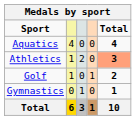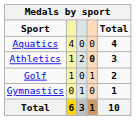 <table class="wikitable" style="font-size:85%; text-align:center;">
 <tr style="background:#efefef;">
 <th colspan=5><strong>Medals by sport</strong></th>
 </tr>
 <tr>
 <td><strong>Sport</strong></td>
 <td style="background:#f7f6a8;"></td>
 <td style="background:#dce5e5;"></td>
 <td style="background:#ffdab9;"></td>
 <td><strong>Total</strong></td>
 </tr>
 <tr>
 <td><a href='#'>Aquatics</a></td>
 <td style="background:#F7F6A8;">4</td>
 <td style="background:#DCE5E5;">0</td>
 <td style="background:#FFDAB9;">0</td>
 <td><strong>4</strong></td>
 </tr>
 <tr>
 <td><a href='#'>Athletics</a></td>
 <td style="background:#F7F6A8;">1</td>
 <td style="background:#DCE5E5;">2</td>
-<td style="background:#FFDAB9;">0</td>
-<td style="background: lightsalmon;"><strong>3</strong></td>
+<td style="background:#FFDAB9;"><strong>0</strong></td>
+<td><strong>3</strong></td>
 </tr>
 <tr>
 <td><a href='#'>Golf</a></td>
 <td style="background:#F7F6A8;">1</td>
 <td style="background:#DCE5E5;">0</td>
 <td style="background:#FFDAB9;">1</td>
 <td><strong>2</strong></td>
 </tr>
 <tr>
 <td><a href='#'>Gymnastics</a></td>
 <td style="background:#F7F6A8;">0</td>
 <td style="background:#DCE5E5;">1</td>
 <td style="background:#FFDAB9;">0</td>
 <td><strong>1</strong></td>
 </tr>
 <tr>
 <th>Total</th>
 <th style="background:gold;">6</th>
 <th style="background:silver;">3</th>
 <th style="background:#c96;">1</th>
 <th>10</th>
 </tr>
 </table>
